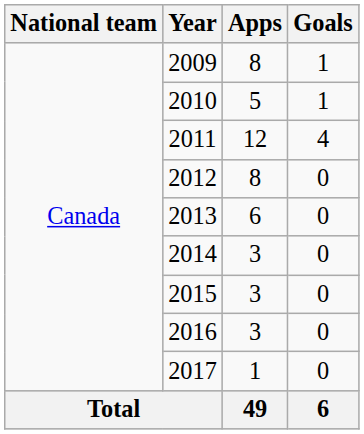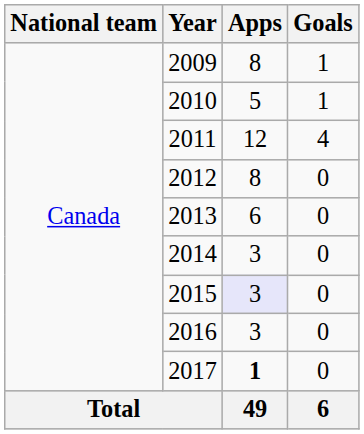 <table class="wikitable" style="text-align:center">
 <tr>
 <th>National team</th>
 <th>Year</th>
 <th>Apps</th>
 <th>Goals</th>
 </tr>
 <tr>
 <td rowspan="9"><a href='#'>Canada</a></td>
 <td>2009</td>
 <td>8</td>
 <td>1</td>
 </tr>
 <tr>
 <td>2010</td>
 <td>5</td>
 <td>1</td>
 </tr>
 <tr>
 <td>2011</td>
 <td>12</td>
 <td>4</td>
 </tr>
 <tr>
 <td>2012</td>
 <td>8</td>
 <td>0</td>
 </tr>
 <tr>
 <td>2013</td>
 <td>6</td>
 <td>0</td>
 </tr>
 <tr>
 <td>2014</td>
 <td>3</td>
 <td>0</td>
 </tr>
 <tr>
 <td>2015</td>
-<td>3</td>
+<td style="background: lavender;">3</td>
 <td>0</td>
 </tr>
 <tr>
 <td>2016</td>
 <td>3</td>
 <td>0</td>
 </tr>
 <tr>
 <td>2017</td>
-<td>1</td>
+<td><strong>1</strong></td>
 <td>0</td>
 </tr>
 <tr>
 <th colspan="2">Total</th>
 <th>49</th>
 <th>6</th>
 </tr>
 </table>
